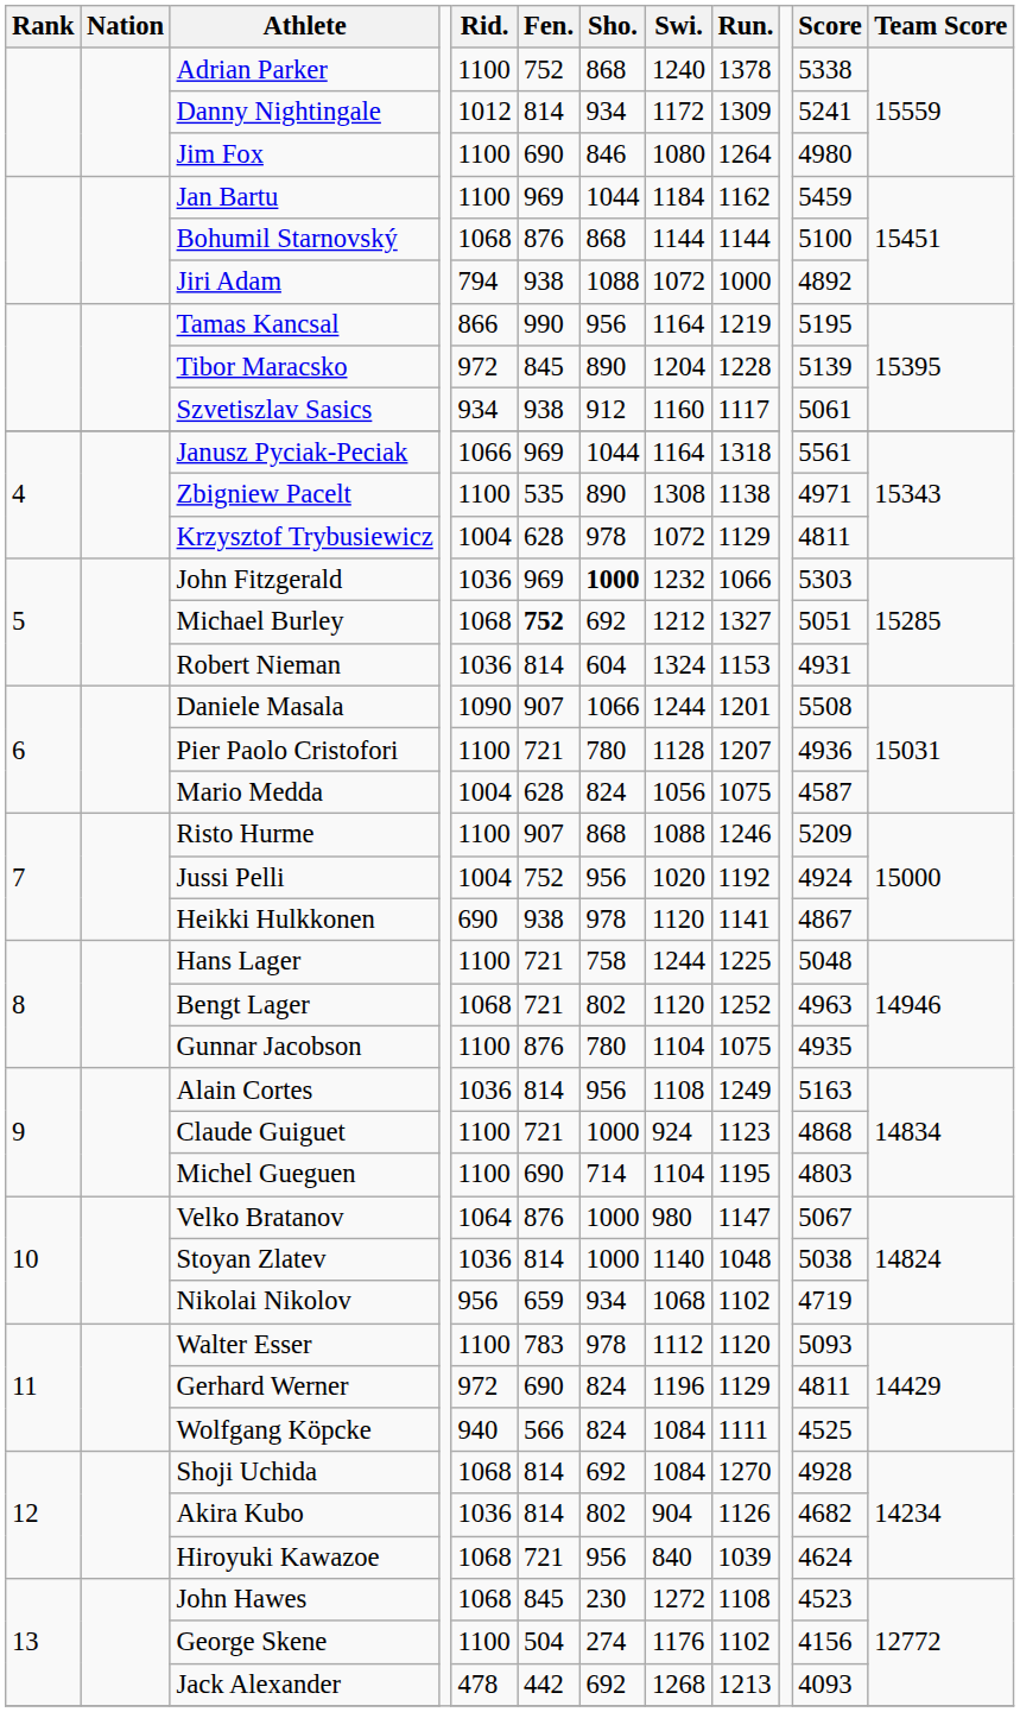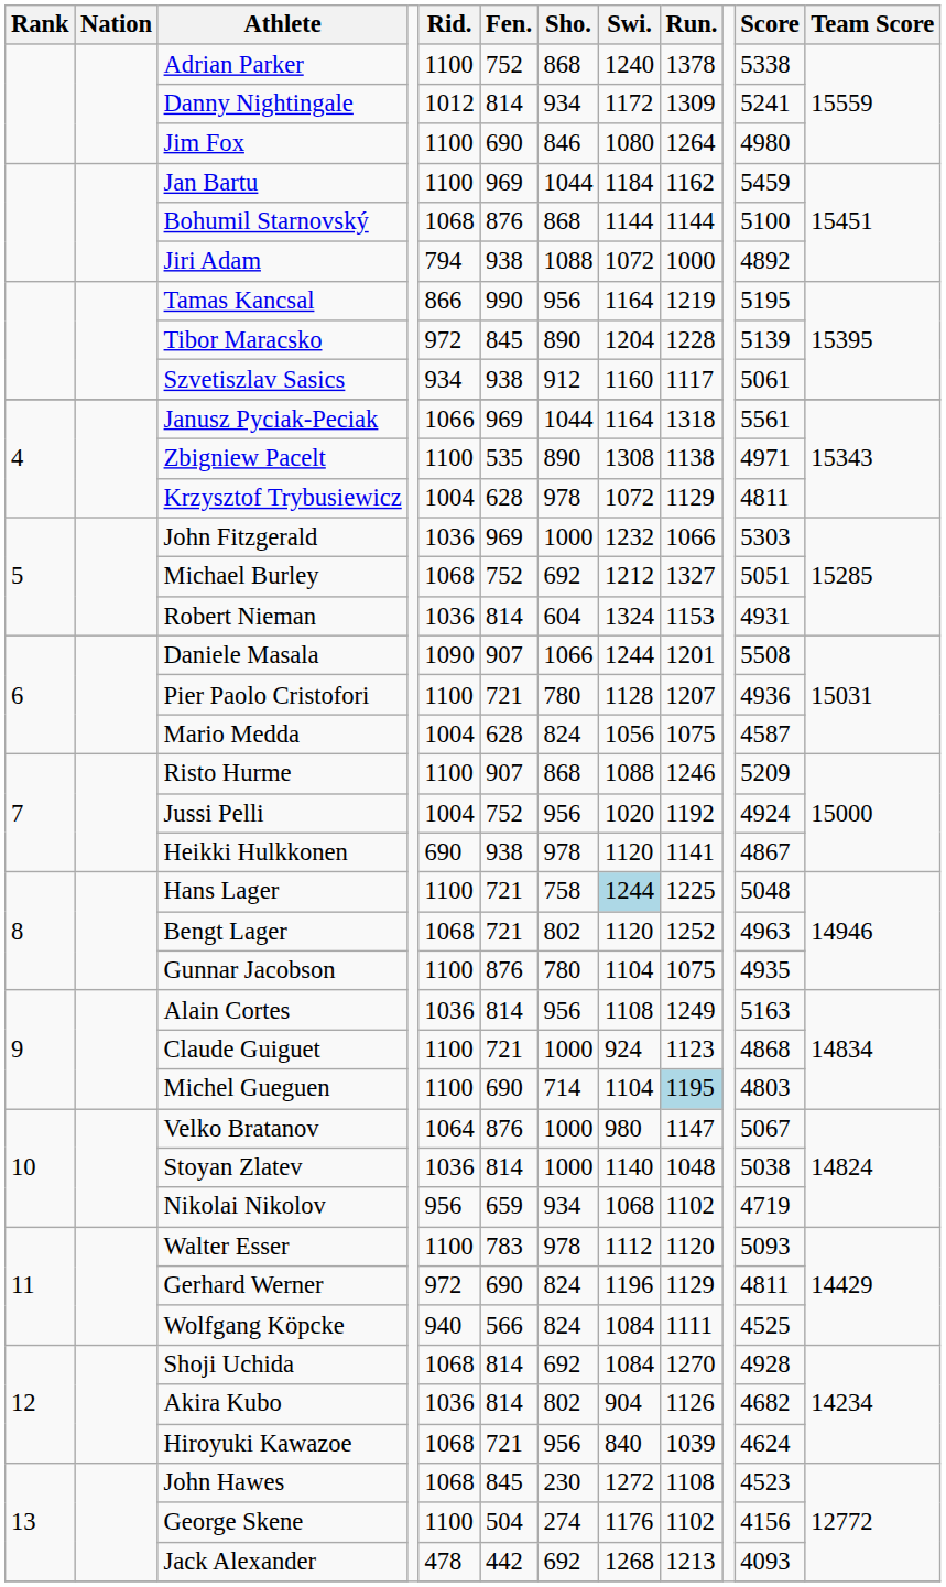 <table class="wikitable sortable">
 <tr>
 <th>Rank</th>
 <th>Nation</th>
 <th>Athlete</th>
 <td rowspan="49"></td>
 <th>Rid.</th>
 <th>Fen.</th>
 <th>Sho.</th>
 <th>Swi.</th>
 <th>Run.</th>
 <td rowspan="49"></td>
 <th>Score</th>
 <th>Team Score</th>
 </tr>
 <tr>
 <td rowspan="3"></td>
 <td rowspan="3"></td>
 <td><a href='#'>Adrian Parker</a></td>
 <td>1100</td>
 <td>752</td>
 <td>868</td>
 <td>1240</td>
 <td>1378</td>
 <td>5338</td>
 <td rowspan="3">15559</td>
 </tr>
 <tr>
 <td><a href='#'>Danny Nightingale</a></td>
 <td>1012</td>
 <td>814</td>
 <td>934</td>
 <td>1172</td>
 <td>1309</td>
 <td>5241</td>
 </tr>
 <tr>
 <td><a href='#'>Jim Fox</a></td>
 <td>1100</td>
 <td>690</td>
 <td>846</td>
 <td>1080</td>
 <td>1264</td>
 <td>4980</td>
 </tr>
 <tr>
 <td rowspan="3"></td>
 <td rowspan="3"></td>
 <td><a href='#'>Jan Bartu</a></td>
 <td>1100</td>
 <td>969</td>
 <td>1044</td>
 <td>1184</td>
 <td>1162</td>
 <td>5459</td>
 <td rowspan="3">15451</td>
 </tr>
 <tr>
 <td><a href='#'>Bohumil Starnovský</a></td>
 <td>1068</td>
 <td>876</td>
 <td>868</td>
 <td>1144</td>
 <td>1144</td>
 <td>5100</td>
 </tr>
 <tr>
 <td><a href='#'>Jiri Adam</a></td>
 <td>794</td>
 <td>938</td>
 <td>1088</td>
 <td>1072</td>
 <td>1000</td>
 <td>4892</td>
 </tr>
 <tr>
 <td rowspan="3"></td>
 <td rowspan="3"></td>
 <td><a href='#'>Tamas Kancsal</a></td>
 <td>866</td>
 <td>990</td>
 <td>956</td>
 <td>1164</td>
 <td>1219</td>
 <td>5195</td>
 <td rowspan="3">15395</td>
 </tr>
 <tr>
 <td><a href='#'>Tibor Maracsko</a></td>
 <td>972</td>
 <td>845</td>
 <td>890</td>
 <td>1204</td>
 <td>1228</td>
 <td>5139</td>
 </tr>
 <tr>
 <td><a href='#'>Szvetiszlav Sasics</a></td>
 <td>934</td>
 <td>938</td>
 <td>912</td>
 <td>1160</td>
 <td>1117</td>
 <td>5061</td>
 </tr>
 <tr>
 </tr>
 <tr>
 <td rowspan="3">4</td>
 <td rowspan="3"></td>
 <td><a href='#'>Janusz Pyciak-Peciak</a></td>
 <td>1066</td>
 <td>969</td>
 <td>1044</td>
 <td>1164</td>
 <td>1318</td>
 <td>5561</td>
 <td rowspan="3">15343</td>
 </tr>
 <tr>
 <td><a href='#'>Zbigniew Pacelt</a></td>
 <td>1100</td>
 <td>535</td>
 <td>890</td>
 <td>1308</td>
 <td>1138</td>
 <td>4971</td>
 </tr>
 <tr>
 <td><a href='#'>Krzysztof Trybusiewicz</a></td>
 <td>1004</td>
 <td>628</td>
 <td>978</td>
 <td>1072</td>
 <td>1129</td>
 <td>4811</td>
 </tr>
 <tr>
 <td rowspan="3">5</td>
 <td rowspan="3"></td>
 <td>John Fitzgerald</td>
 <td>1036</td>
 <td>969</td>
-<td><strong>1000</strong></td>
+<td>1000</td>
 <td>1232</td>
 <td>1066</td>
 <td>5303</td>
 <td rowspan="3">15285</td>
 </tr>
 <tr>
 <td>Michael Burley</td>
 <td>1068</td>
-<td><strong>752</strong></td>
+<td>752</td>
 <td>692</td>
 <td>1212</td>
 <td>1327</td>
 <td>5051</td>
 </tr>
 <tr>
 <td>Robert Nieman</td>
 <td>1036</td>
 <td>814</td>
 <td>604</td>
 <td>1324</td>
 <td>1153</td>
 <td>4931</td>
 </tr>
 <tr>
 <td rowspan="3">6</td>
 <td rowspan="3"></td>
 <td>Daniele Masala</td>
 <td>1090</td>
 <td>907</td>
 <td>1066</td>
 <td>1244</td>
 <td>1201</td>
 <td>5508</td>
 <td rowspan="3">15031</td>
 </tr>
 <tr>
 <td>Pier Paolo Cristofori</td>
 <td>1100</td>
 <td>721</td>
 <td>780</td>
 <td>1128</td>
 <td>1207</td>
 <td>4936</td>
 </tr>
 <tr>
 <td>Mario Medda</td>
 <td>1004</td>
 <td>628</td>
 <td>824</td>
 <td>1056</td>
 <td>1075</td>
 <td>4587</td>
 </tr>
 <tr>
 <td rowspan="3">7</td>
 <td rowspan="3"></td>
 <td>Risto Hurme</td>
 <td>1100</td>
 <td>907</td>
 <td>868</td>
 <td>1088</td>
 <td>1246</td>
 <td>5209</td>
 <td rowspan="3">15000</td>
 </tr>
 <tr>
 <td>Jussi Pelli</td>
 <td>1004</td>
 <td>752</td>
 <td>956</td>
 <td>1020</td>
 <td>1192</td>
 <td>4924</td>
 </tr>
 <tr>
 <td>Heikki Hulkkonen</td>
 <td>690</td>
 <td>938</td>
 <td>978</td>
 <td>1120</td>
 <td>1141</td>
 <td>4867</td>
 </tr>
 <tr>
 <td rowspan="3">8</td>
 <td rowspan="3"></td>
 <td>Hans Lager</td>
 <td>1100</td>
 <td>721</td>
 <td>758</td>
-<td>1244</td>
+<td style="background: lightblue;">1244</td>
 <td>1225</td>
 <td>5048</td>
 <td rowspan="3">14946</td>
 </tr>
 <tr>
 <td>Bengt Lager</td>
 <td>1068</td>
 <td>721</td>
 <td>802</td>
 <td>1120</td>
 <td>1252</td>
 <td>4963</td>
 </tr>
 <tr>
 <td>Gunnar Jacobson</td>
 <td>1100</td>
 <td>876</td>
 <td>780</td>
 <td>1104</td>
 <td>1075</td>
 <td>4935</td>
 </tr>
 <tr>
 <td rowspan="3">9</td>
 <td rowspan="3"></td>
 <td>Alain Cortes</td>
 <td>1036</td>
 <td>814</td>
 <td>956</td>
 <td>1108</td>
 <td>1249</td>
 <td>5163</td>
 <td rowspan="3">14834</td>
 </tr>
 <tr>
 <td>Claude Guiguet</td>
 <td>1100</td>
 <td>721</td>
 <td>1000</td>
 <td>924</td>
 <td>1123</td>
 <td>4868</td>
 </tr>
 <tr>
 <td>Michel Gueguen</td>
 <td>1100</td>
 <td>690</td>
 <td>714</td>
 <td>1104</td>
-<td>1195</td>
+<td style="background: lightblue;">1195</td>
 <td>4803</td>
 </tr>
 <tr>
 <td rowspan="3">10</td>
 <td rowspan="3"></td>
 <td>Velko Bratanov</td>
 <td>1064</td>
 <td>876</td>
 <td>1000</td>
 <td>980</td>
 <td>1147</td>
 <td>5067</td>
 <td rowspan="3">14824</td>
 </tr>
 <tr>
 <td>Stoyan Zlatev</td>
 <td>1036</td>
 <td>814</td>
 <td>1000</td>
 <td>1140</td>
 <td>1048</td>
 <td>5038</td>
 </tr>
 <tr>
 <td>Nikolai Nikolov</td>
 <td>956</td>
 <td>659</td>
 <td>934</td>
 <td>1068</td>
 <td>1102</td>
 <td>4719</td>
 </tr>
 <tr>
 <td rowspan="3">11</td>
 <td rowspan="3"></td>
 <td>Walter Esser</td>
 <td>1100</td>
 <td>783</td>
 <td>978</td>
 <td>1112</td>
 <td>1120</td>
 <td>5093</td>
 <td rowspan="3">14429</td>
 </tr>
 <tr>
 <td>Gerhard Werner</td>
 <td>972</td>
 <td>690</td>
 <td>824</td>
 <td>1196</td>
 <td>1129</td>
 <td>4811</td>
 </tr>
 <tr>
 <td>Wolfgang Köpcke</td>
 <td>940</td>
 <td>566</td>
 <td>824</td>
 <td>1084</td>
 <td>1111</td>
 <td>4525</td>
 </tr>
 <tr>
 <td rowspan="3">12</td>
 <td rowspan="3"></td>
 <td>Shoji Uchida</td>
 <td>1068</td>
 <td>814</td>
 <td>692</td>
 <td>1084</td>
 <td>1270</td>
 <td>4928</td>
 <td rowspan="3">14234</td>
 </tr>
 <tr>
 <td>Akira Kubo</td>
 <td>1036</td>
 <td>814</td>
 <td>802</td>
 <td>904</td>
 <td>1126</td>
 <td>4682</td>
 </tr>
 <tr>
 <td>Hiroyuki Kawazoe</td>
 <td>1068</td>
 <td>721</td>
 <td>956</td>
 <td>840</td>
 <td>1039</td>
 <td>4624</td>
 </tr>
 <tr>
 <td rowspan="3">13</td>
 <td rowspan="3"></td>
 <td>John  Hawes</td>
 <td>1068</td>
 <td>845</td>
 <td>230</td>
 <td>1272</td>
 <td>1108</td>
 <td>4523</td>
 <td rowspan="3">12772</td>
 </tr>
 <tr>
 <td>George Skene</td>
 <td>1100</td>
 <td>504</td>
 <td>274</td>
 <td>1176</td>
 <td>1102</td>
 <td>4156</td>
 </tr>
 <tr>
 <td>Jack Alexander</td>
 <td>478</td>
 <td>442</td>
 <td>692</td>
 <td>1268</td>
 <td>1213</td>
 <td>4093</td>
 </tr>
 <tr>
 </tr>
 </table>
